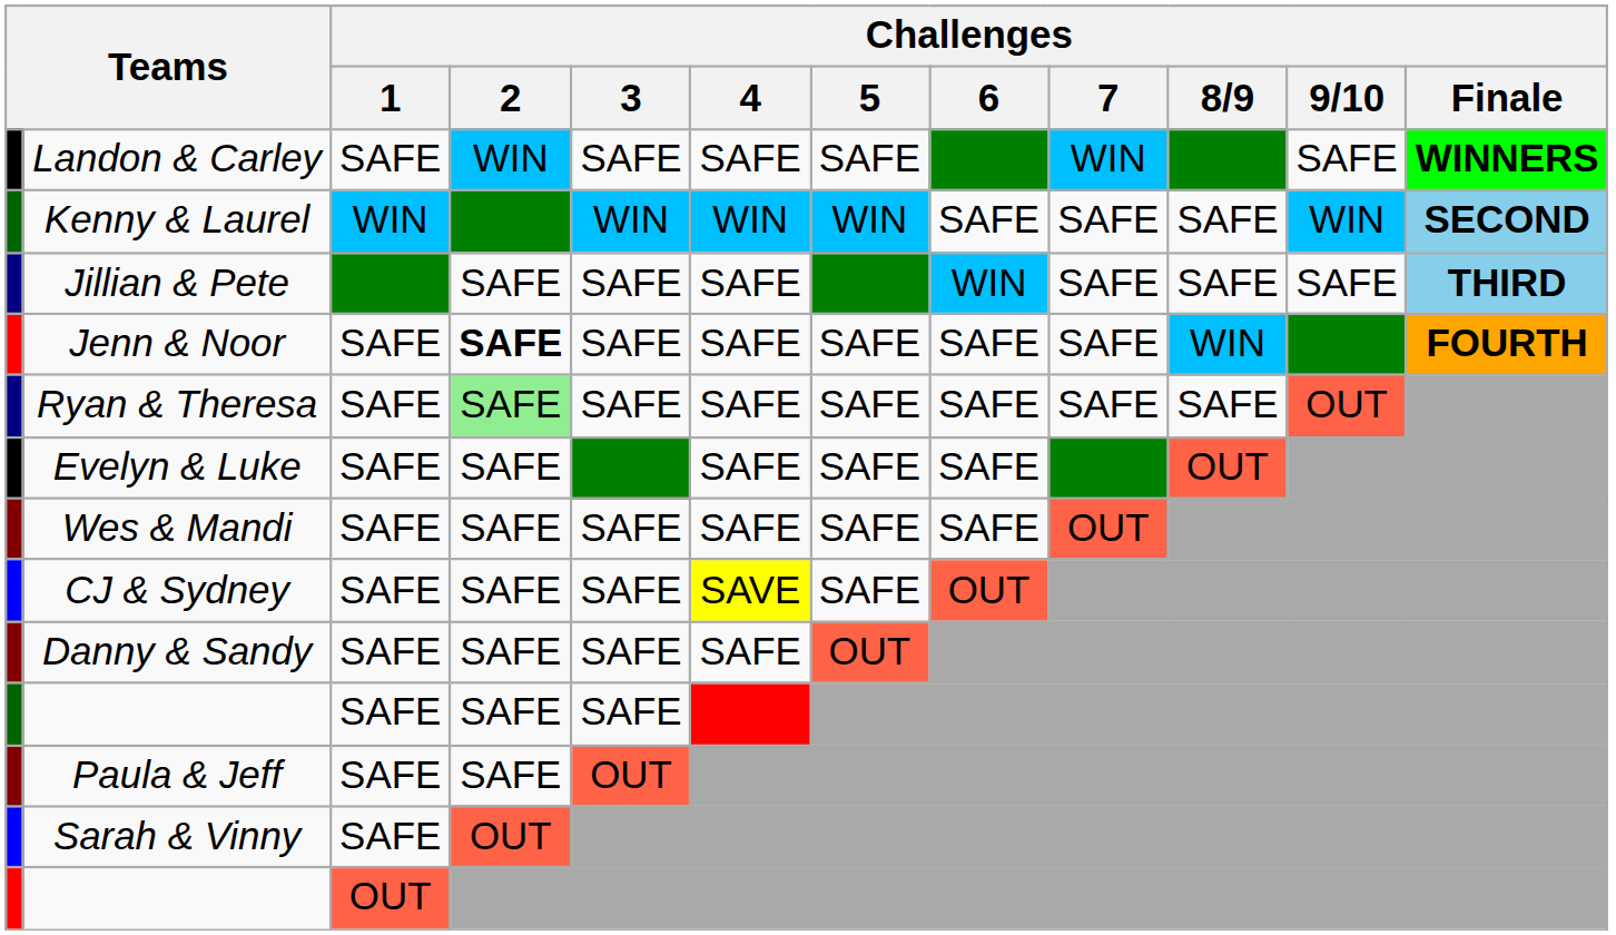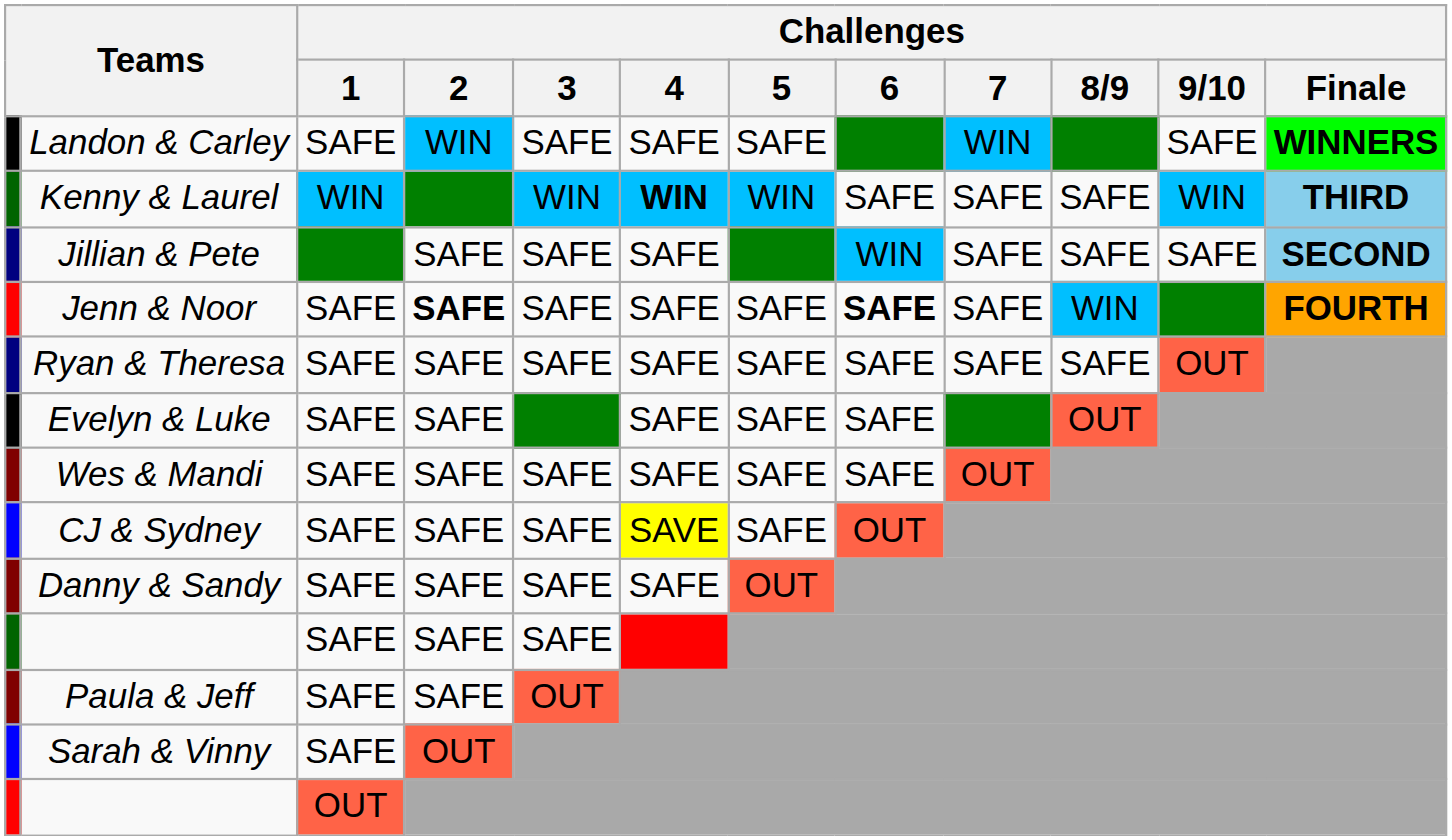 <table class="wikitable" style="text-align:center">
 <tr>
 <th rowspan=2 colspan=2>Teams</th>
 <th colspan=16>Challenges</th>
 </tr>
 <tr>
 <th>1</th>
 <th>2</th>
 <th>3</th>
 <th>4</th>
 <th>5</th>
 <th>6</th>
 <th>7</th>
 <th>8/9</th>
 <th>9/10</th>
 <th>Finale</th>
 </tr>
 <tr>
 <td bgcolor="black"></td>
 <td><em>Landon & Carley</em></td>
 <td>SAFE</td>
 <td bgcolor="deepskyblue">WIN</td>
 <td>SAFE</td>
 <td>SAFE</td>
 <td>SAFE</td>
 <td bgcolor="green"></td>
 <td bgcolor="deepskyblue">WIN</td>
 <td bgcolor="green"></td>
 <td>SAFE</td>
 <td bgcolor="lime"><strong>WINNERS</strong></td>
 </tr>
 <tr>
 <td bgcolor="darkgreen"></td>
 <td><em>Kenny & Laurel</em></td>
 <td bgcolor="deepskyblue">WIN</td>
 <td bgcolor="green"></td>
 <td bgcolor="deepskyblue">WIN</td>
-<td bgcolor="deepskyblue">WIN</td>
+<td bgcolor="deepskyblue"><strong>WIN</strong></td>
 <td bgcolor="deepskyblue">WIN</td>
 <td>SAFE</td>
 <td>SAFE</td>
 <td>SAFE</td>
 <td bgcolor="deepskyblue">WIN</td>
-<td bgcolor="skyblue"><strong>SECOND</strong></td>
+<td bgcolor="skyblue"><strong>THIRD</strong></td>
 </tr>
 <tr>
 <td bgcolor="navy"></td>
 <td><em>Jillian & Pete</em></td>
 <td bgcolor="green"></td>
 <td>SAFE</td>
 <td>SAFE</td>
 <td>SAFE</td>
 <td bgcolor="green"></td>
 <td bgcolor="deepskyblue">WIN</td>
 <td>SAFE</td>
 <td>SAFE</td>
 <td>SAFE</td>
-<td bgcolor="skyblue"><strong>THIRD</strong></td>
+<td bgcolor="skyblue"><strong>SECOND</strong></td>
 </tr>
 <tr>
 <td bgcolor="red"></td>
 <td><em>Jenn & Noor</em></td>
 <td>SAFE</td>
 <td><strong>SAFE</strong></td>
 <td>SAFE</td>
 <td>SAFE</td>
 <td>SAFE</td>
-<td>SAFE</td>
+<td><strong>SAFE</strong></td>
 <td>SAFE</td>
 <td bgcolor="deepskyblue">WIN</td>
 <td bgcolor="green"></td>
 <td bgcolor="orange"><strong>FOURTH</strong></td>
 </tr>
 <tr>
 <td bgcolor="navy"></td>
 <td><em>Ryan & Theresa</em></td>
 <td>SAFE</td>
-<td style="background: lightgreen;">SAFE</td>
+<td>SAFE</td>
 <td>SAFE</td>
 <td>SAFE</td>
 <td>SAFE</td>
 <td>SAFE</td>
 <td>SAFE</td>
 <td>SAFE</td>
 <td bgcolor="tomato">OUT</td>
 <td bgcolor="darkgray"></td>
 </tr>
 <tr>
 <td bgcolor="black"></td>
 <td><em>Evelyn & Luke</em></td>
 <td>SAFE</td>
 <td>SAFE</td>
 <td bgcolor="green"></td>
 <td>SAFE</td>
 <td>SAFE</td>
 <td>SAFE</td>
 <td bgcolor="green"></td>
 <td bgcolor="tomato">OUT</td>
 <td bgcolor="darkgray" colspan=6></td>
 </tr>
 <tr>
 <td bgcolor="maroon"></td>
 <td><em>Wes & Mandi</em></td>
 <td>SAFE</td>
 <td>SAFE</td>
 <td>SAFE</td>
 <td>SAFE</td>
 <td>SAFE</td>
 <td>SAFE</td>
 <td bgcolor="tomato">OUT</td>
 <td bgcolor="darkgray" colspan=7></td>
 </tr>
 <tr>
 <td bgcolor="blue"></td>
 <td><em>CJ & Sydney</em></td>
 <td>SAFE</td>
 <td>SAFE</td>
 <td>SAFE</td>
 <td bgcolor="yellow">SAVE</td>
 <td>SAFE</td>
 <td bgcolor="tomato">OUT</td>
 <td bgcolor="darkgray" colspan=8></td>
 </tr>
 <tr>
 <td bgcolor="maroon"></td>
 <td><em>Danny & Sandy</em></td>
 <td>SAFE</td>
 <td>SAFE</td>
 <td>SAFE</td>
 <td>SAFE</td>
 <td bgcolor="tomato">OUT</td>
 <td bgcolor="darkgray" colspan=9></td>
 </tr>
 <tr>
 <td bgcolor="darkgreen"></td>
 <td><em></em></td>
 <td>SAFE</td>
 <td>SAFE</td>
 <td>SAFE</td>
 <td bgcolor="red"></td>
 <td bgcolor="darkgray" colspan=10></td>
 </tr>
 <tr>
 <td bgcolor="maroon"></td>
 <td><em>Paula & Jeff</em></td>
 <td>SAFE</td>
 <td>SAFE</td>
 <td bgcolor="tomato">OUT</td>
 <td bgcolor="darkgray" colspan=11></td>
 </tr>
 <tr>
 <td bgcolor="blue"></td>
 <td><em>Sarah & Vinny</em></td>
 <td>SAFE</td>
 <td bgcolor="tomato">OUT</td>
 <td bgcolor="darkgray" colspan=12></td>
 </tr>
 <tr>
 <td bgcolor="red"></td>
 <td><em></em></td>
 <td bgcolor="tomato">OUT</td>
 <td bgcolor="darkgray" colspan=13></td>
 </tr>
 </table>
